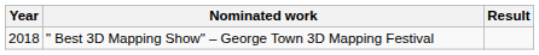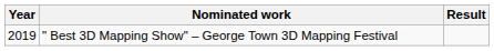 <table class="wikitable sortable plainrowheaders" style="margin-right: 0;">
 <tr>
 <th width="30”">Year</th>
 <th width="500">Nominated work</th>
 <th width="30">Result</th>
 </tr>
 <tr>
-<td scope="row">2018</td>
+<td scope="row">2019</td>
 <td>" Best 3D Mapping Show" – George Town 3D Mapping Festival</td>
 <td></td>
 </tr>
 </table>
